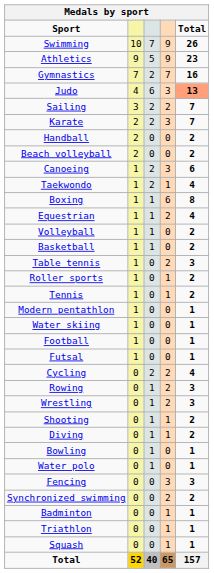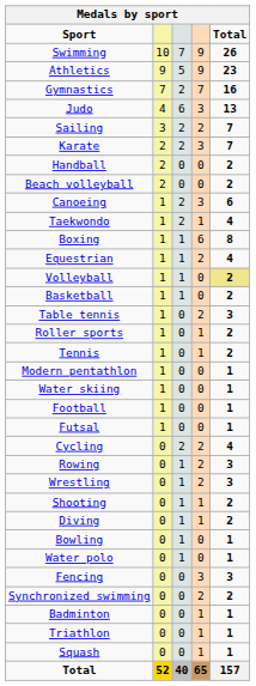 <table class="wikitable" style="font-size:85%; float:right;">
 <tr style="background:#efefef;">
 <th colspan=7><strong>Medals by sport</strong></th>
 </tr>
 <tr align=center>
 <td><strong>Sport</strong></td>
 <td bgcolor=#f7f6a8></td>
 <td bgcolor=#dce5e5></td>
 <td bgcolor=#ffdab9></td>
 <td><strong>Total</strong></td>
 </tr>
 <tr align=center>
 <td><a href='#'>Swimming</a></td>
 <td style="background:#F7F6A8;">10</td>
 <td style="background:#DCE5E5;">7</td>
 <td style="background:#FFDAB9;">9</td>
 <td><strong>26</strong></td>
 </tr>
 <tr align=center>
 <td><a href='#'>Athletics</a></td>
 <td style="background:#F7F6A8;">9</td>
 <td style="background:#DCE5E5;">5</td>
 <td style="background:#FFDAB9;">9</td>
 <td><strong>23</strong></td>
 </tr>
 <tr align=center>
 <td><a href='#'>Gymnastics</a></td>
 <td style="background:#F7F6A8;">7</td>
 <td style="background:#DCE5E5;">2</td>
 <td style="background:#FFDAB9;">7</td>
 <td><strong>16</strong></td>
 </tr>
 <tr align=center>
 <td><a href='#'>Judo</a></td>
 <td style="background:#F7F6A8;">4</td>
 <td style="background:#DCE5E5;">6</td>
 <td style="background:#FFDAB9;">3</td>
-<td style="background: lightsalmon;"><strong>13</strong></td>
+<td><strong>13</strong></td>
 </tr>
 <tr align=center>
 <td><a href='#'>Sailing</a></td>
 <td style="background:#F7F6A8;">3</td>
 <td style="background:#DCE5E5;">2</td>
 <td style="background:#FFDAB9;">2</td>
 <td><strong>7</strong></td>
 </tr>
 <tr align=center>
 <td><a href='#'>Karate</a></td>
 <td style="background:#F7F6A8;">2</td>
 <td style="background:#DCE5E5;">2</td>
 <td style="background:#FFDAB9;">3</td>
 <td><strong>7</strong></td>
 </tr>
 <tr align=center>
 <td><a href='#'>Handball</a></td>
 <td style="background:#F7F6A8;">2</td>
 <td style="background:#DCE5E5;">0</td>
 <td style="background:#FFDAB9;">0</td>
 <td><strong>2</strong></td>
 </tr>
 <tr align=center>
 <td><a href='#'>Beach volleyball</a></td>
 <td style="background:#F7F6A8;">2</td>
 <td style="background:#DCE5E5;">0</td>
 <td style="background:#FFDAB9;">0</td>
 <td><strong>2</strong></td>
 </tr>
 <tr align=center>
 <td><a href='#'>Canoeing</a></td>
 <td style="background:#F7F6A8;">1</td>
 <td style="background:#DCE5E5;">2</td>
 <td style="background:#FFDAB9;">3</td>
 <td><strong>6</strong></td>
 </tr>
 <tr align=center>
 <td><a href='#'>Taekwondo</a></td>
 <td style="background:#F7F6A8;">1</td>
 <td style="background:#DCE5E5;">2</td>
 <td style="background:#FFDAB9;">1</td>
 <td><strong>4</strong></td>
 </tr>
 <tr align=center>
 <td><a href='#'>Boxing</a></td>
 <td style="background:#F7F6A8;">1</td>
 <td style="background:#DCE5E5;">1</td>
 <td style="background:#FFDAB9;">6</td>
 <td><strong>8</strong></td>
 </tr>
 <tr align=center>
 <td><a href='#'>Equestrian</a></td>
 <td style="background:#F7F6A8;">1</td>
 <td style="background:#DCE5E5;">1</td>
 <td style="background:#FFDAB9;">2</td>
 <td><strong>4</strong></td>
 </tr>
 <tr align=center>
 <td><a href='#'>Volleyball</a></td>
 <td style="background:#F7F6A8;">1</td>
 <td style="background:#DCE5E5;">1</td>
 <td style="background:#FFDAB9;">0</td>
-<td><strong>2</strong></td>
+<td style="background: khaki;"><strong>2</strong></td>
 </tr>
 <tr align=center>
 <td><a href='#'>Basketball</a></td>
 <td style="background:#F7F6A8;">1</td>
 <td style="background:#DCE5E5;">1</td>
 <td style="background:#FFDAB9;">0</td>
 <td><strong>2</strong></td>
 </tr>
 <tr align=center>
 <td><a href='#'>Table tennis</a></td>
 <td style="background:#F7F6A8;">1</td>
 <td style="background:#DCE5E5;">0</td>
 <td style="background:#FFDAB9;">2</td>
 <td><strong>3</strong></td>
 </tr>
 <tr align=center>
 <td><a href='#'>Roller sports</a></td>
 <td style="background:#F7F6A8;">1</td>
 <td style="background:#DCE5E5;">0</td>
 <td style="background:#FFDAB9;">1</td>
 <td><strong>2</strong></td>
 </tr>
 <tr align=center>
 <td><a href='#'>Tennis</a></td>
 <td style="background:#F7F6A8;">1</td>
 <td style="background:#DCE5E5;">0</td>
 <td style="background:#FFDAB9;">1</td>
 <td><strong>2</strong></td>
 </tr>
 <tr align=center>
 <td><a href='#'>Modern pentathlon</a></td>
 <td style="background:#F7F6A8;">1</td>
 <td style="background:#DCE5E5;">0</td>
 <td style="background:#FFDAB9;">0</td>
 <td><strong>1</strong></td>
 </tr>
 <tr align=center>
 <td><a href='#'>Water skiing</a></td>
 <td style="background:#F7F6A8;">1</td>
 <td style="background:#DCE5E5;">0</td>
 <td style="background:#FFDAB9;">0</td>
 <td><strong>1</strong></td>
 </tr>
 <tr align=center>
 <td><a href='#'>Football</a></td>
 <td style="background:#F7F6A8;">1</td>
 <td style="background:#DCE5E5;">0</td>
 <td style="background:#FFDAB9;">0</td>
 <td><strong>1</strong></td>
 </tr>
 <tr align=center>
 <td><a href='#'>Futsal</a></td>
 <td style="background:#F7F6A8;">1</td>
 <td style="background:#DCE5E5;">0</td>
 <td style="background:#FFDAB9;">0</td>
 <td><strong>1</strong></td>
 </tr>
 <tr align=center>
 <td><a href='#'>Cycling</a></td>
 <td style="background:#F7F6A8;">0</td>
 <td style="background:#DCE5E5;">2</td>
 <td style="background:#FFDAB9;">2</td>
 <td><strong>4</strong></td>
 </tr>
 <tr align=center>
 <td><a href='#'>Rowing</a></td>
 <td style="background:#F7F6A8;">0</td>
 <td style="background:#DCE5E5;">1</td>
 <td style="background:#FFDAB9;">2</td>
 <td><strong>3</strong></td>
 </tr>
 <tr align=center>
 <td><a href='#'>Wrestling</a></td>
 <td style="background:#F7F6A8;">0</td>
 <td style="background:#DCE5E5;">1</td>
 <td style="background:#FFDAB9;">2</td>
 <td><strong>3</strong></td>
 </tr>
 <tr align=center>
 <td><a href='#'>Shooting</a></td>
 <td style="background:#F7F6A8;">0</td>
 <td style="background:#DCE5E5;">1</td>
 <td style="background:#FFDAB9;">1</td>
 <td><strong>2</strong></td>
 </tr>
 <tr align=center>
 <td><a href='#'>Diving</a></td>
 <td style="background:#F7F6A8;">0</td>
 <td style="background:#DCE5E5;">1</td>
 <td style="background:#FFDAB9;">1</td>
 <td><strong>2</strong></td>
 </tr>
 <tr align=center>
 <td><a href='#'>Bowling</a></td>
 <td style="background:#F7F6A8;">0</td>
 <td style="background:#DCE5E5;">1</td>
 <td style="background:#FFDAB9;">0</td>
 <td><strong>1</strong></td>
 </tr>
 <tr align=center>
 <td><a href='#'>Water polo</a></td>
 <td style="background:#F7F6A8;">0</td>
 <td style="background:#DCE5E5;">1</td>
 <td style="background:#FFDAB9;">0</td>
 <td><strong>1</strong></td>
 </tr>
 <tr align=center>
 <td><a href='#'>Fencing</a></td>
 <td style="background:#F7F6A8;">0</td>
 <td style="background:#DCE5E5;">0</td>
 <td style="background:#FFDAB9;">3</td>
 <td><strong>3</strong></td>
 </tr>
 <tr align=center>
 <td><a href='#'>Synchronized swimming</a></td>
 <td style="background:#F7F6A8;">0</td>
 <td style="background:#DCE5E5;">0</td>
 <td style="background:#FFDAB9;">2</td>
 <td><strong>2</strong></td>
 </tr>
 <tr align=center>
 <td><a href='#'>Badminton</a></td>
 <td style="background:#F7F6A8;">0</td>
 <td style="background:#DCE5E5;">0</td>
 <td style="background:#FFDAB9;">1</td>
 <td><strong>1</strong></td>
 </tr>
 <tr align=center>
 <td><a href='#'>Triathlon</a></td>
 <td style="background:#F7F6A8;">0</td>
 <td style="background:#DCE5E5;">0</td>
 <td style="background:#FFDAB9;">1</td>
 <td><strong>1</strong></td>
 </tr>
 <tr align=center>
 <td><a href='#'>Squash</a></td>
 <td style="background:#F7F6A8;">0</td>
 <td style="background:#DCE5E5;">0</td>
 <td style="background:#FFDAB9;">1</td>
 <td><strong>1</strong></td>
 </tr>
 <tr align=center>
 <td><strong>Total</strong></td>
 <th style="background:gold;"><strong>52</strong></th>
 <th style="background:silver;"><strong>40</strong></th>
 <th style="background:#c96;"><strong>65</strong></th>
 <th><strong>157</strong></th>
 </tr>
 </table>
